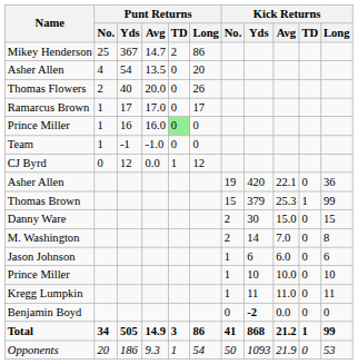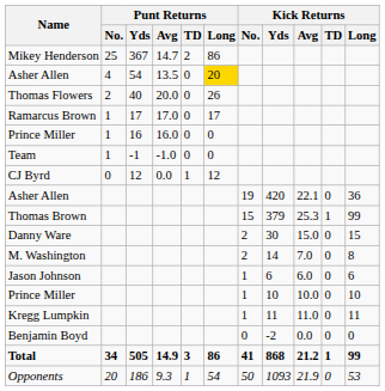 <table class="wikitable" style="white-space:nowrap;">
 <tr>
 <th rowspan="2">Name</th>
 <th colspan="5">Punt Returns</th>
 <th colspan="5">Kick Returns</th>
 </tr>
 <tr>
 <th>No.</th>
 <th>Yds</th>
 <th>Avg</th>
 <th>TD</th>
 <th>Long</th>
 <th>No.</th>
 <th>Yds</th>
 <th>Avg</th>
 <th>TD</th>
 <th>Long</th>
 </tr>
 <tr>
 <td>Mikey Henderson</td>
 <td>25</td>
 <td>367</td>
 <td>14.7</td>
 <td>2</td>
 <td>86</td>
 <td></td>
 <td></td>
 <td></td>
 <td></td>
 <td></td>
 </tr>
 <tr>
 <td>Asher Allen</td>
 <td>4</td>
 <td>54</td>
 <td>13.5</td>
 <td>0</td>
-<td>20</td>
+<td style="background: gold;">20</td>
 <td></td>
 <td></td>
 <td></td>
 <td></td>
 <td></td>
 </tr>
 <tr>
 <td>Thomas Flowers</td>
 <td>2</td>
 <td>40</td>
 <td>20.0</td>
 <td>0</td>
 <td>26</td>
 <td></td>
 <td></td>
 <td></td>
 <td></td>
 <td></td>
 </tr>
 <tr>
 <td>Ramarcus Brown</td>
 <td>1</td>
 <td>17</td>
 <td>17.0</td>
 <td>0</td>
 <td>17</td>
 <td></td>
 <td></td>
 <td></td>
 <td></td>
 <td></td>
 </tr>
 <tr>
 <td>Prince Miller</td>
 <td>1</td>
 <td>16</td>
 <td>16.0</td>
-<td style="background: lightgreen;">0</td>
+<td>0</td>
 <td>0</td>
 <td></td>
 <td></td>
 <td></td>
 <td></td>
 <td></td>
 </tr>
 <tr>
 <td>Team</td>
 <td>1</td>
 <td>-1</td>
 <td>-1.0</td>
 <td>0</td>
 <td>0</td>
 <td></td>
 <td></td>
 <td></td>
 <td></td>
 <td></td>
 </tr>
 <tr>
 <td>CJ Byrd</td>
 <td>0</td>
 <td>12</td>
 <td>0.0</td>
 <td>1</td>
 <td>12</td>
 <td></td>
 <td></td>
 <td></td>
 <td></td>
 <td></td>
 </tr>
 <tr>
 <td>Asher Allen</td>
 <td></td>
 <td></td>
 <td></td>
 <td></td>
 <td></td>
 <td>19</td>
 <td>420</td>
 <td>22.1</td>
 <td>0</td>
 <td>36</td>
 </tr>
 <tr>
 <td>Thomas Brown</td>
 <td></td>
 <td></td>
 <td></td>
 <td></td>
 <td></td>
 <td>15</td>
 <td>379</td>
 <td>25.3</td>
 <td>1</td>
 <td>99</td>
 </tr>
 <tr>
 <td>Danny Ware</td>
 <td></td>
 <td></td>
 <td></td>
 <td></td>
 <td></td>
 <td>2</td>
 <td>30</td>
 <td>15.0</td>
 <td>0</td>
 <td>15</td>
 </tr>
 <tr>
 <td>M. Washington</td>
 <td></td>
 <td></td>
 <td></td>
 <td></td>
 <td></td>
 <td>2</td>
 <td>14</td>
 <td>7.0</td>
 <td>0</td>
 <td>8</td>
 </tr>
 <tr>
 <td>Jason Johnson</td>
 <td></td>
 <td></td>
 <td></td>
 <td></td>
 <td></td>
 <td>1</td>
 <td>6</td>
 <td>6.0</td>
 <td>0</td>
 <td>6</td>
 </tr>
 <tr>
 <td>Prince Miller</td>
 <td></td>
 <td></td>
 <td></td>
 <td></td>
 <td></td>
 <td>1</td>
 <td>10</td>
 <td>10.0</td>
 <td>0</td>
 <td>10</td>
 </tr>
 <tr>
 <td>Kregg Lumpkin</td>
 <td></td>
 <td></td>
 <td></td>
 <td></td>
 <td></td>
 <td>1</td>
 <td>11</td>
 <td>11.0</td>
 <td>0</td>
 <td>11</td>
 </tr>
 <tr>
 <td>Benjamin Boyd</td>
 <td></td>
 <td></td>
 <td></td>
 <td></td>
 <td></td>
 <td>0</td>
-<td><strong>-2</strong></td>
+<td>-2</td>
 <td>0.0</td>
 <td>0</td>
 <td>0</td>
 </tr>
 <tr>
 <td><strong>Total</strong></td>
 <td><strong>34</strong></td>
 <td><strong>505</strong></td>
 <td><strong>14.9</strong></td>
 <td><strong>3</strong></td>
 <td><strong>86</strong></td>
 <td><strong>41</strong></td>
 <td><strong>868</strong></td>
 <td><strong>21.2</strong></td>
 <td><strong>1</strong></td>
 <td><strong>99</strong></td>
 </tr>
 <tr>
 <td><em>Opponents</em></td>
 <td><em>20</em></td>
 <td><em>186</em></td>
 <td><em>9.3</em></td>
 <td><em>1</em></td>
 <td><em>54</em></td>
 <td><em>50</em></td>
 <td><em>1093</em></td>
 <td><em>21.9</em></td>
 <td><em>0</em></td>
 <td><em>53</em></td>
 </tr>
 </table>
